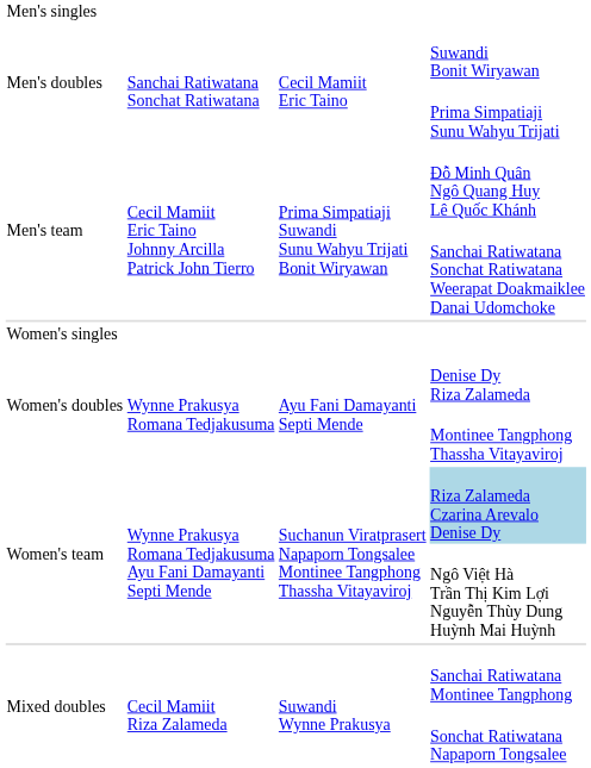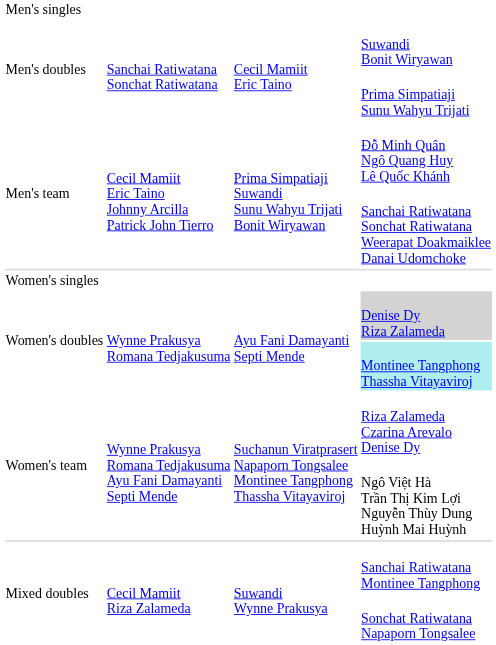 <table>
 <tr>
 <td rowspan="2">Men's singles</td>
 <td rowspan="2"></td>
 <td rowspan="2"></td>
 <td></td>
 </tr>
 <tr>
 <td></td>
 </tr>
 <tr>
 <td rowspan="2">Men's doubles</td>
 <td rowspan="2"> <br> <a href='#'>Sanchai Ratiwatana</a><br><a href='#'>Sonchat Ratiwatana</a></td>
 <td rowspan="2"> <br> <a href='#'>Cecil Mamiit</a> <br> <a href='#'>Eric Taino</a></td>
 <td> <br> <a href='#'>Suwandi</a> <br> <a href='#'>Bonit Wiryawan</a></td>
 </tr>
 <tr>
 <td> <br> <a href='#'>Prima Simpatiaji</a> <br> <a href='#'>Sunu Wahyu Trijati</a></td>
 </tr>
 <tr>
 <td rowspan="2">Men's team</td>
 <td rowspan="2"> <br> <a href='#'>Cecil Mamiit</a><br> <a href='#'>Eric Taino</a> <br> <a href='#'>Johnny Arcilla</a><br> <a href='#'>Patrick John Tierro</a></td>
 <td rowspan="2"> <br> <a href='#'>Prima Simpatiaji</a><br> <a href='#'>Suwandi</a><br> <a href='#'>Sunu Wahyu Trijati</a><br> <a href='#'>Bonit Wiryawan</a></td>
 <td> <br> <a href='#'>Đỗ Minh Quân</a><br><a href='#'>Ngô Quang Huy</a> <br> <a href='#'>Lê Quốc Khánh</a></td>
 </tr>
 <tr>
 <td nowrap> <br> <a href='#'>Sanchai Ratiwatana</a><br> <a href='#'>Sonchat Ratiwatana</a><br> <a href='#'>Weerapat Doakmaiklee</a><br> <a href='#'>Danai Udomchoke</a></td>
 </tr>
 <tr bgcolor=#dddddd>
 <td colspan=4></td>
 </tr>
 <tr>
 <td rowspan="2">Women's singles</td>
 <td rowspan="2"></td>
 <td rowspan="2" nowrap></td>
 <td nowrap></td>
 </tr>
 <tr>
 <td></td>
 </tr>
 <tr>
 <td rowspan="2">Women's doubles</td>
 <td rowspan="2"> <br> <a href='#'>Wynne Prakusya</a><br><a href='#'>Romana Tedjakusuma</a></td>
 <td rowspan="2"> <br> <a href='#'>Ayu Fani Damayanti</a> <br> <a href='#'>Septi Mende</a></td>
-<td> <br> <a href='#'>Denise Dy</a> <br> <a href='#'>Riza Zalameda</a></td>
+<td style="background: lightgrey;"> <br> <a href='#'>Denise Dy</a> <br> <a href='#'>Riza Zalameda</a></td>
 </tr>
 <tr>
-<td> <br> <a href='#'>Montinee Tangphong</a> <br> <a href='#'>Thassha Vitayaviroj</a></td>
+<td style="background: paleturquoise;"> <br> <a href='#'>Montinee Tangphong</a> <br> <a href='#'>Thassha Vitayaviroj</a></td>
 </tr>
 <tr>
 <td rowspan="2">Women's team</td>
 <td rowspan="2" nowrap> <br> <a href='#'>Wynne Prakusya</a><br> <a href='#'>Romana Tedjakusuma</a><br> <a href='#'>Ayu Fani Damayanti</a><br> <a href='#'>Septi Mende</a></td>
 <td rowspan="2" nowrap> <br> <a href='#'>Suchanun Viratprasert</a><br> <a href='#'>Napaporn Tongsalee</a><br> <a href='#'>Montinee Tangphong</a><br> <a href='#'>Thassha Vitayaviroj</a></td>
-<td style="background: lightblue;"> <br> <a href='#'>Riza Zalameda</a><br> <a href='#'>Czarina Arevalo</a><br> <a href='#'>Denise Dy</a></td>
+<td> <br> <a href='#'>Riza Zalameda</a><br> <a href='#'>Czarina Arevalo</a><br> <a href='#'>Denise Dy</a></td>
 </tr>
 <tr>
 <td> <br> Ngô Việt Hà<br> Trần Thị Kim Lợi<br> Nguyễn Thùy Dung <br> Huỳnh Mai Huỳnh</td>
 </tr>
 <tr bgcolor=#dddddd>
 <td colspan=4></td>
 </tr>
 <tr>
 <td rowspan="2">Mixed doubles</td>
 <td rowspan="2"> <br> <a href='#'>Cecil Mamiit</a><br><a href='#'>Riza Zalameda</a></td>
 <td rowspan="2"> <br> <a href='#'>Suwandi</a> <br> <a href='#'>Wynne Prakusya</a></td>
 <td> <br> <a href='#'>Sanchai Ratiwatana</a> <br> <a href='#'>Montinee Tangphong</a></td>
 </tr>
 <tr>
 <td> <br> <a href='#'>Sonchat Ratiwatana</a> <br> <a href='#'>Napaporn Tongsalee</a></td>
 </tr>
 </table>
